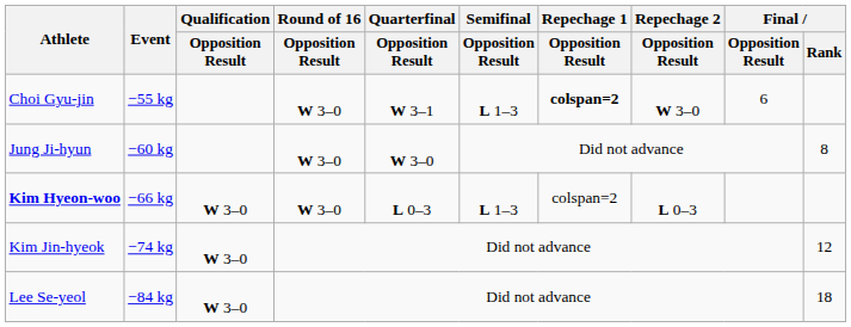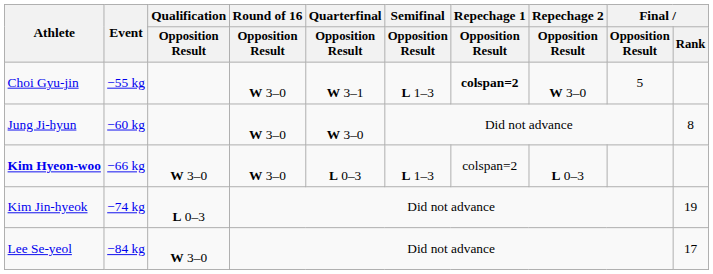 <table class="wikitable" style="font-size:90%">
 <tr>
 <th rowspan=2>Athlete</th>
 <th rowspan=2>Event</th>
 <th>Qualification</th>
 <th>Round of 16</th>
 <th>Quarterfinal</th>
 <th>Semifinal</th>
 <th>Repechage 1</th>
 <th>Repechage 2</th>
 <th colspan=2>Final / </th>
 </tr>
 <tr style="font-size: 95%">
 <th>Opposition<br>Result</th>
 <th>Opposition<br>Result</th>
 <th>Opposition<br>Result</th>
 <th>Opposition<br>Result</th>
 <th>Opposition<br>Result</th>
 <th>Opposition<br>Result</th>
 <th>Opposition<br>Result</th>
 <th>Rank</th>
 </tr>
 <tr align=center>
 <td align=left><a href='#'>Choi Gyu-jin</a></td>
 <td align=left><a href='#'>−55 kg</a></td>
 <td></td>
 <td><br><strong>W</strong> 3–0 <sup></sup></td>
 <td><br><strong>W</strong> 3–1 <sup></sup></td>
 <td><br><strong>L</strong> 1–3 <sup></sup></td>
 <td><strong>colspan=2 </strong></td>
 <td><br><strong>W</strong> 3–0 <sup></sup></td>
-<td>6</td>
+<td>5</td>
 </tr>
 <tr align=center>
 <td align=left><a href='#'>Jung Ji-hyun</a></td>
 <td align=left><a href='#'>−60 kg</a></td>
 <td></td>
 <td><br><strong>W</strong> 3–0 <sup></sup></td>
 <td><br><strong>W</strong> 3–0 <sup></sup></td>
 <td colspan=4>Did not advance</td>
 <td>8</td>
 </tr>
 <tr align=center>
 <td align=left><strong><a href='#'>Kim Hyeon-woo</a></strong></td>
 <td align=left><a href='#'>−66 kg</a></td>
 <td><br><strong>W</strong> 3–0 <sup></sup></td>
 <td><br><strong>W</strong> 3–0 <sup></sup></td>
 <td><br><strong>L</strong> 0–3 <sup></sup></td>
 <td><br><strong>L</strong> 1–3 <sup></sup></td>
 <td>colspan=2 </td>
 <td><br><strong>L</strong> 0–3 <sup></sup></td>
 <td></td>
 </tr>
 <tr align=center>
 <td align=left><a href='#'>Kim Jin-hyeok</a></td>
 <td align=left><a href='#'>−74 kg</a></td>
-<td><br><strong>W</strong> 3–0 <sup></sup></td>
+<td><br><strong>L</strong> 0–3 <sup></sup></td>
 <td colspan=6>Did not advance</td>
-<td>12</td>
+<td>19</td>
 </tr>
 <tr align=center>
 <td align=left><a href='#'>Lee Se-yeol</a></td>
 <td align=left><a href='#'>−84 kg</a></td>
 <td><br><strong>W</strong> 3–0 <sup></sup></td>
 <td colspan=6>Did not advance</td>
-<td>18</td>
+<td>17</td>
 </tr>
 </table>
